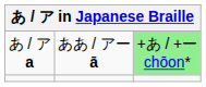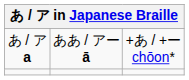 <table class="wikitable nowrap" style="text-align:center">
 <tr>
 <th colspan=3>あ / ア in <a href='#'>Japanese Braille</a></th>
 </tr>
 <tr>
 <td>あ / ア <br><strong>a</strong></td>
 <td>ああ / アー <br><strong>ā</strong></td>
-<td style="background: lightgreen;">+あ / +ー <br><a href='#'>chōon</a>*</td>
+<td>+あ / +ー <br><a href='#'>chōon</a>*</td>
 </tr>
 <tr>
 <td></td>
 <td></td>
 <td></td>
 </tr>
 </table>
